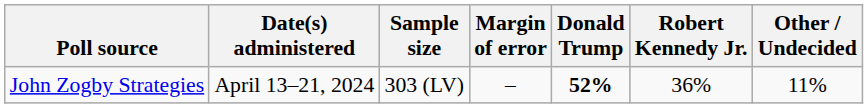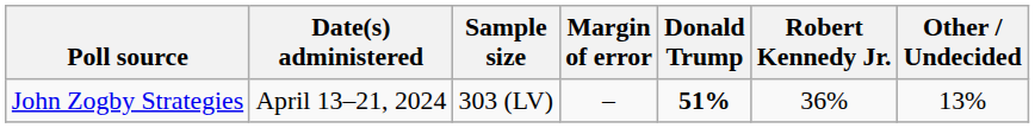 <table class="wikitable sortable mw-datatable" style="font-size:90%;text-align:center;line-height:17px">
 <tr valign=bottom>
 <th>Poll source</th>
 <th>Date(s)<br>administered</th>
 <th>Sample<br>size</th>
 <th>Margin<br>of error</th>
 <th class="unsortable">Donald<br>Trump<br></th>
 <th class="unsortable">Robert<br>Kennedy Jr.<br></th>
 <th class="unsortable">Other /<br>Undecided</th>
 </tr>
 <tr>
 <td style="text-align:left;"><a href='#'>John Zogby Strategies</a></td>
 <td data-sort-value="2024-05-01">April 13–21, 2024</td>
 <td>303 (LV)</td>
 <td>–</td>
-<td style="background-color:"><strong>52%</strong></td>
+<td style="background-color:"><strong>51%</strong></td>
 <td>36%</td>
-<td>11%</td>
+<td>13%</td>
 </tr>
 </table>
